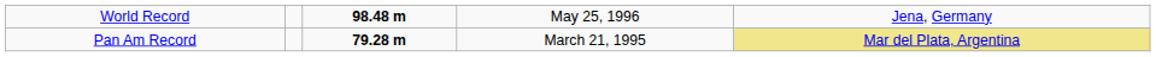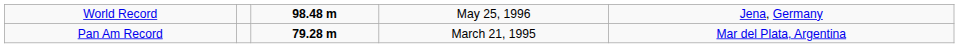 <table class="wikitable" style=" text-align:center; font-size:95%;" width="75%">
 <tr>
 <td><a href='#'>World Record</a></td>
 <td></td>
 <td><strong>98.48 m </strong></td>
 <td>May 25, 1996</td>
 <td> <a href='#'>Jena</a>, <a href='#'>Germany</a></td>
 </tr>
 <tr>
 <td><a href='#'>Pan Am Record</a></td>
 <td></td>
 <td><strong>79.28 m </strong></td>
 <td>March 21, 1995</td>
-<td style="background: khaki;"> <a href='#'>Mar del Plata, Argentina</a></td>
+<td> <a href='#'>Mar del Plata, Argentina</a></td>
 </tr>
 </table>
